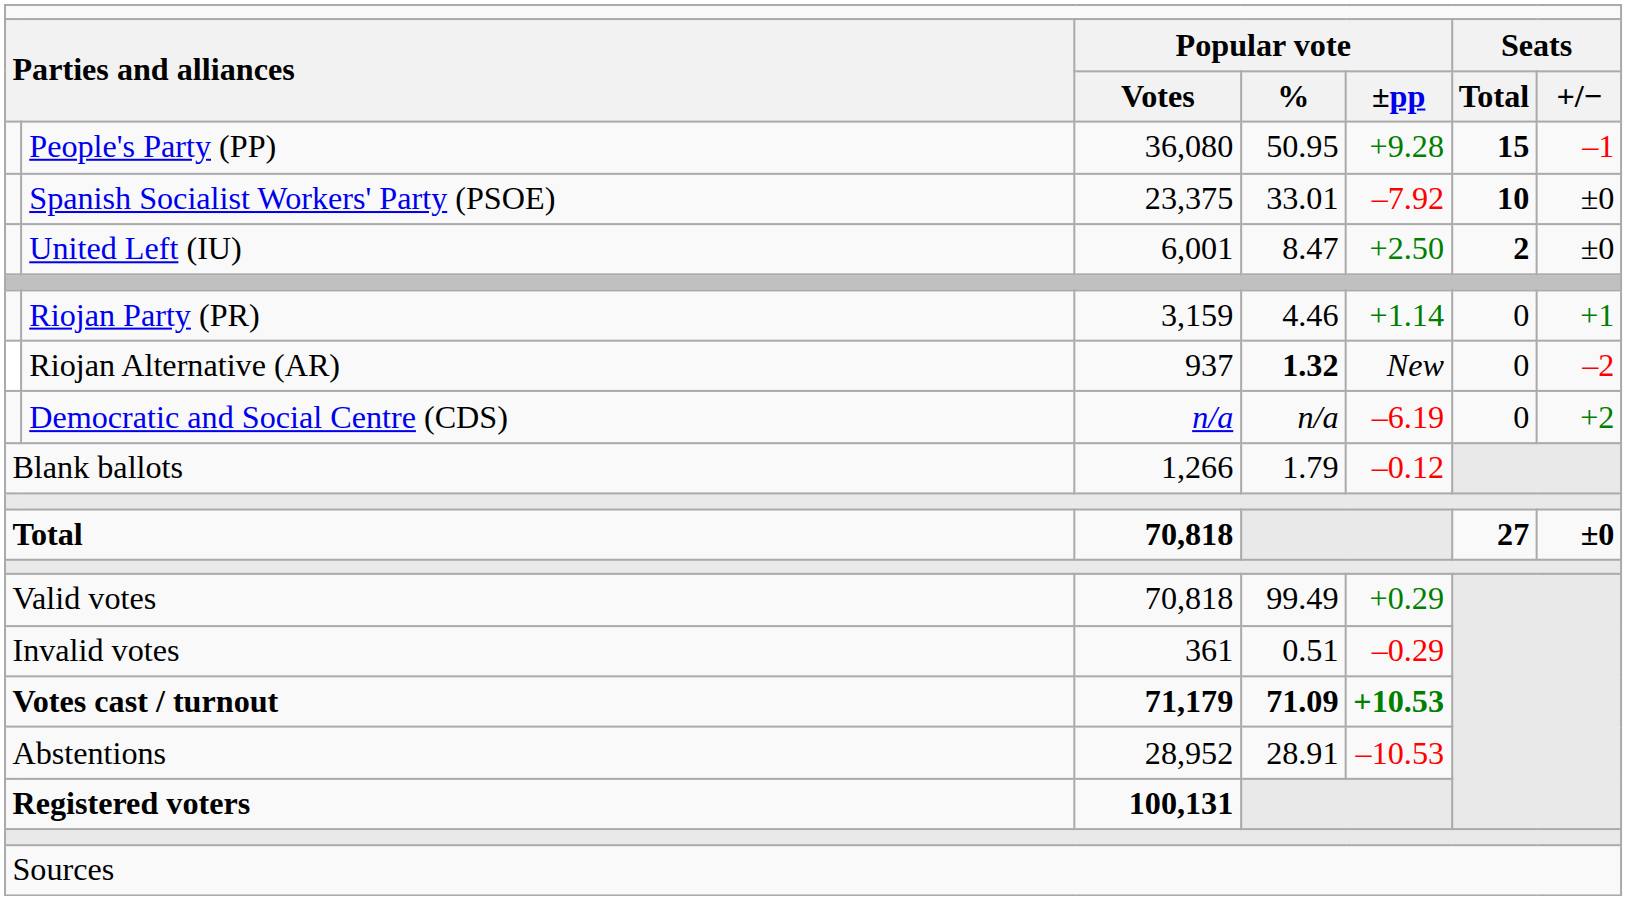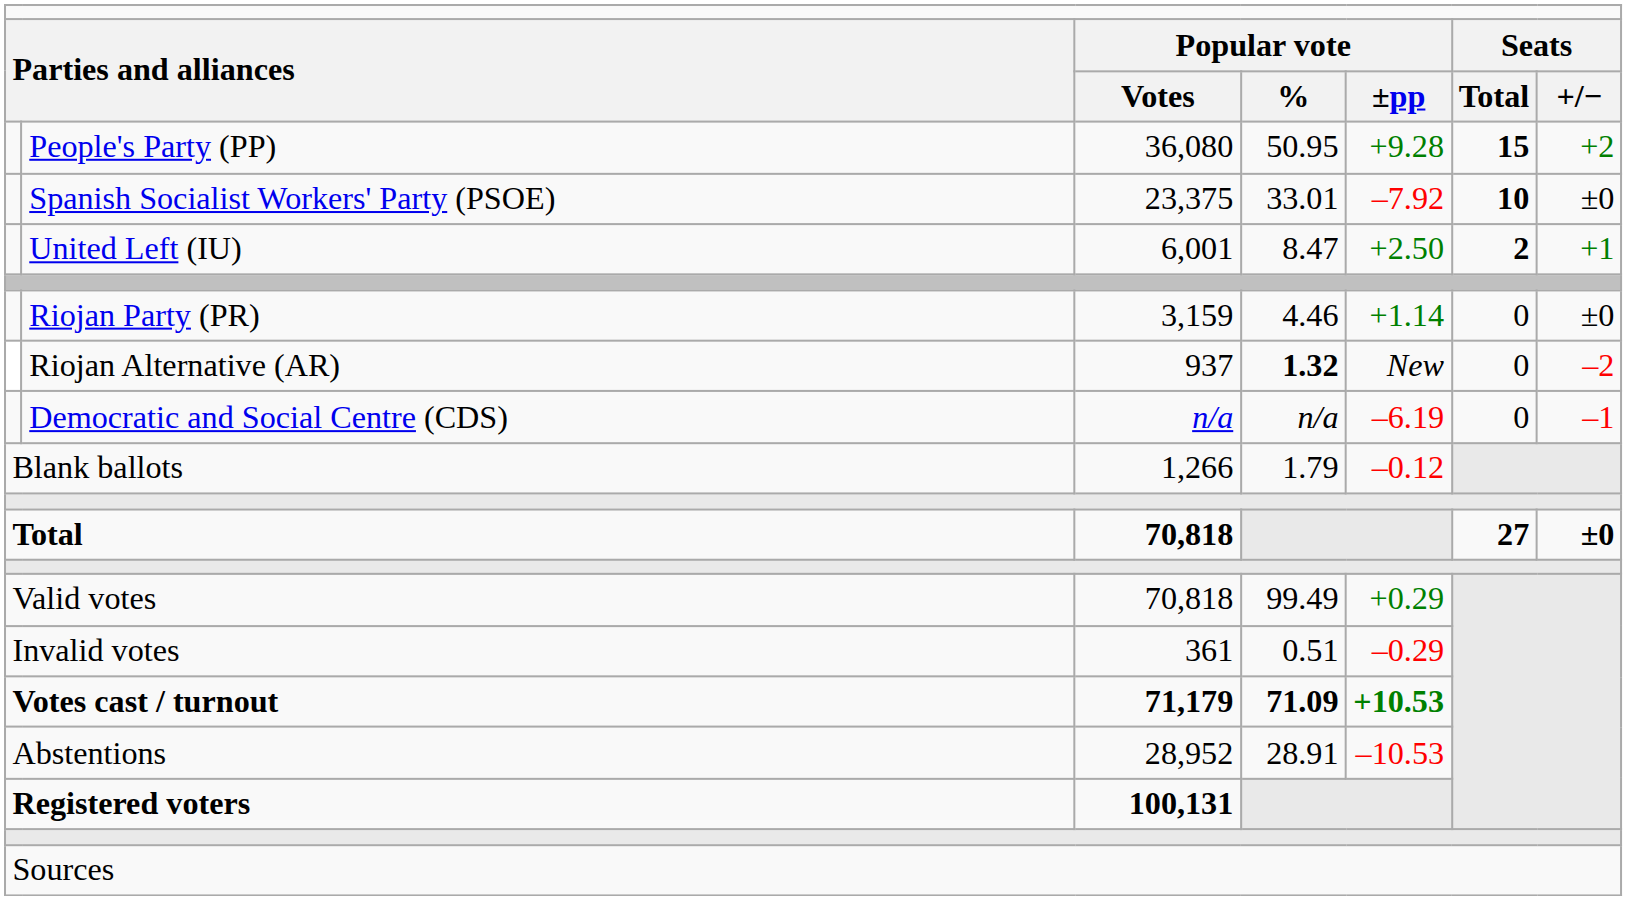 <table class="wikitable" style="text-align:right;">
 <tr>
 <td colspan="7"></td>
 </tr>
 <tr>
 <th style="text-align:left;" rowspan="2" colspan="2" width="525">Parties and alliances</th>
 <th colspan="3">Popular vote</th>
 <th colspan="2">Seats</th>
 </tr>
 <tr>
 <th width="75">Votes</th>
 <th width="45">%</th>
 <th width="45">±<a href='#'>pp</a></th>
 <th width="35">Total</th>
 <th width="35">+/−</th>
 </tr>
 <tr>
 <td width="1" style="color:inherit;background:"></td>
 <td align="left"><a href='#'>People's Party</a> (PP)</td>
 <td>36,080</td>
 <td>50.95</td>
 <td style="color:green;">+9.28</td>
 <td><strong>15</strong></td>
-<td style="color:red;">–1</td>
+<td style="color:green;">+2</td>
 </tr>
 <tr>
 <td style="color:inherit;background:"></td>
 <td align="left"><a href='#'>Spanish Socialist Workers' Party</a> (PSOE)</td>
 <td>23,375</td>
 <td>33.01</td>
 <td style="color:red;">–7.92</td>
 <td><strong>10</strong></td>
 <td>±0</td>
 </tr>
 <tr>
 <td style="color:inherit;background:"></td>
 <td align="left"><a href='#'>United Left</a> (IU)</td>
 <td>6,001</td>
 <td>8.47</td>
 <td style="color:green;">+2.50</td>
 <td><strong>2</strong></td>
-<td>±0</td>
+<td style="color:green;">+1</td>
 </tr>
 <tr>
 <td colspan="7" bgcolor="#C0C0C0"></td>
 </tr>
 <tr>
 <td style="color:inherit;background:"></td>
 <td align="left"><a href='#'>Riojan Party</a> (PR)</td>
 <td>3,159</td>
 <td>4.46</td>
 <td style="color:green;">+1.14</td>
 <td>0</td>
-<td style="color:green;">+1</td>
+<td>±0</td>
 </tr>
 <tr>
 <td bgcolor="white"></td>
 <td align="left">Riojan Alternative (AR)</td>
 <td>937</td>
 <td><strong>1.32</strong></td>
 <td><em>New</em></td>
 <td>0</td>
 <td style="color:red;">–2</td>
 </tr>
 <tr>
 <td style="color:inherit;background:"></td>
 <td align="left"><a href='#'>Democratic and Social Centre</a> (CDS)</td>
 <td><em><a href='#'>n/a</a></em></td>
 <td><em>n/a</em></td>
 <td style="color:red;">–6.19</td>
 <td>0</td>
-<td style="color:green;">+2</td>
+<td style="color:red;">–1</td>
 </tr>
 <tr>
 <td align="left" colspan="2">Blank ballots</td>
 <td>1,266</td>
 <td>1.79</td>
 <td style="color:red;">–0.12</td>
 <td bgcolor="#E9E9E9" colspan="2"></td>
 </tr>
 <tr>
 <td colspan="7" bgcolor="#E9E9E9"></td>
 </tr>
 <tr style="font-weight:bold;">
 <td align="left" colspan="2">Total</td>
 <td>70,818</td>
 <td bgcolor="#E9E9E9" colspan="2"></td>
 <td>27</td>
 <td>±0</td>
 </tr>
 <tr>
 <td colspan="7" bgcolor="#E9E9E9"></td>
 </tr>
 <tr>
 <td align="left" colspan="2">Valid votes</td>
 <td>70,818</td>
 <td>99.49</td>
 <td style="color:green;">+0.29</td>
 <td bgcolor="#E9E9E9" colspan="2" rowspan="5"></td>
 </tr>
 <tr>
 <td align="left" colspan="2">Invalid votes</td>
 <td>361</td>
 <td>0.51</td>
 <td style="color:red;">–0.29</td>
 </tr>
 <tr style="font-weight:bold;">
 <td align="left" colspan="2">Votes cast / turnout</td>
 <td>71,179</td>
 <td>71.09</td>
 <td style="color:green;">+10.53</td>
 </tr>
 <tr>
 <td align="left" colspan="2">Abstentions</td>
 <td>28,952</td>
 <td>28.91</td>
 <td style="color:red;">–10.53</td>
 </tr>
 <tr style="font-weight:bold;">
 <td align="left" colspan="2">Registered voters</td>
 <td>100,131</td>
 <td bgcolor="#E9E9E9" colspan="2"></td>
 </tr>
 <tr>
 <td colspan="7" bgcolor="#E9E9E9"></td>
 </tr>
 <tr>
 <td align="left" colspan="7">Sources</td>
 </tr>
 </table>
